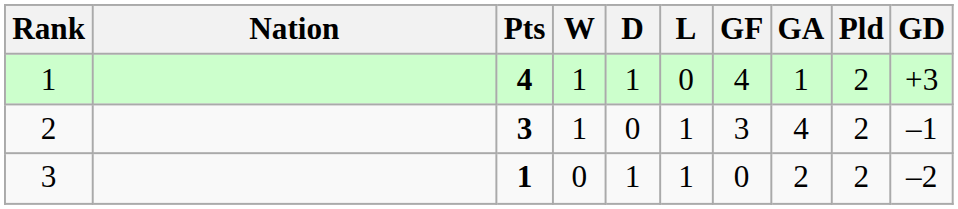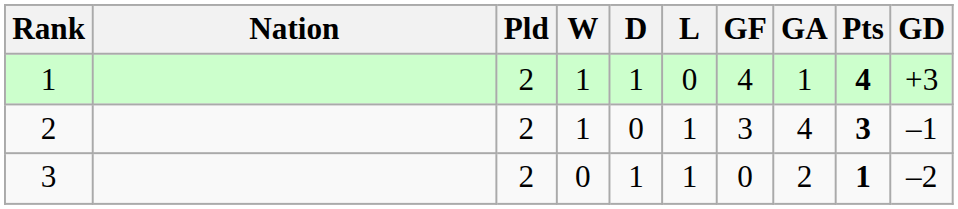 <table class="wikitable" style="text-align: center;">
 <tr>
 <th width=5>Rank</th>
 <th width=200>Nation</th>
-<th width=20>Pts</th>
+<th width=20>Pld</th>
 <th width=20>W</th>
 <th width=20>D</th>
 <th width=20>L</th>
 <th width=20>GF</th>
 <th width=20>GA</th>
-<th width=20>Pld</th>
+<th width=20>Pts</th>
 <th width=20>GD</th>
 </tr>
 <tr style="background:#ccffcc">
 <td>1</td>
 <td align=left></td>
-<td><strong>4</strong></td>
+<td>2</td>
 <td>1</td>
 <td>1</td>
 <td>0</td>
 <td>4</td>
 <td>1</td>
-<td>2</td>
+<td><strong>4</strong></td>
 <td>+3</td>
 </tr>
 <tr>
 <td>2</td>
 <td align=left></td>
-<td><strong>3</strong></td>
+<td>2</td>
 <td>1</td>
 <td>0</td>
 <td>1</td>
 <td>3</td>
 <td>4</td>
-<td>2</td>
+<td><strong>3</strong></td>
 <td>–1</td>
 </tr>
 <tr>
 <td>3</td>
 <td align=left></td>
-<td><strong>1</strong></td>
+<td>2</td>
 <td>0</td>
 <td>1</td>
 <td>1</td>
 <td>0</td>
 <td>2</td>
-<td>2</td>
+<td><strong>1</strong></td>
 <td>–2</td>
 </tr>
 </table>
